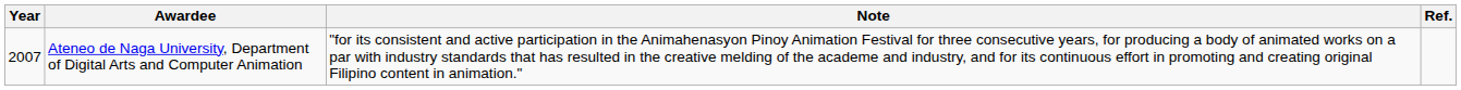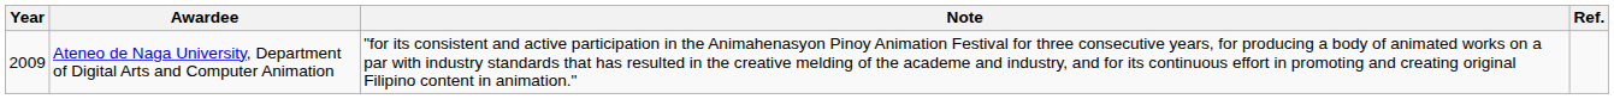 <table class="wikitable">
 <tr>
 <th>Year</th>
 <th>Awardee</th>
 <th>Note</th>
 <th>Ref.</th>
 </tr>
 <tr>
-<td>2007</td>
+<td>2009</td>
 <td><a href='#'>Ateneo de Naga University</a>, Department of Digital Arts and Computer Animation</td>
 <td>"for its consistent and active participation in the Animahenasyon Pinoy Animation Festival for three consecutive years, for producing a body of animated works on a par with industry standards that has resulted in the creative melding of the academe and industry, and for its continuous effort in promoting and creating original Filipino content in animation."</td>
 <td></td>
 </tr>
 </table>
